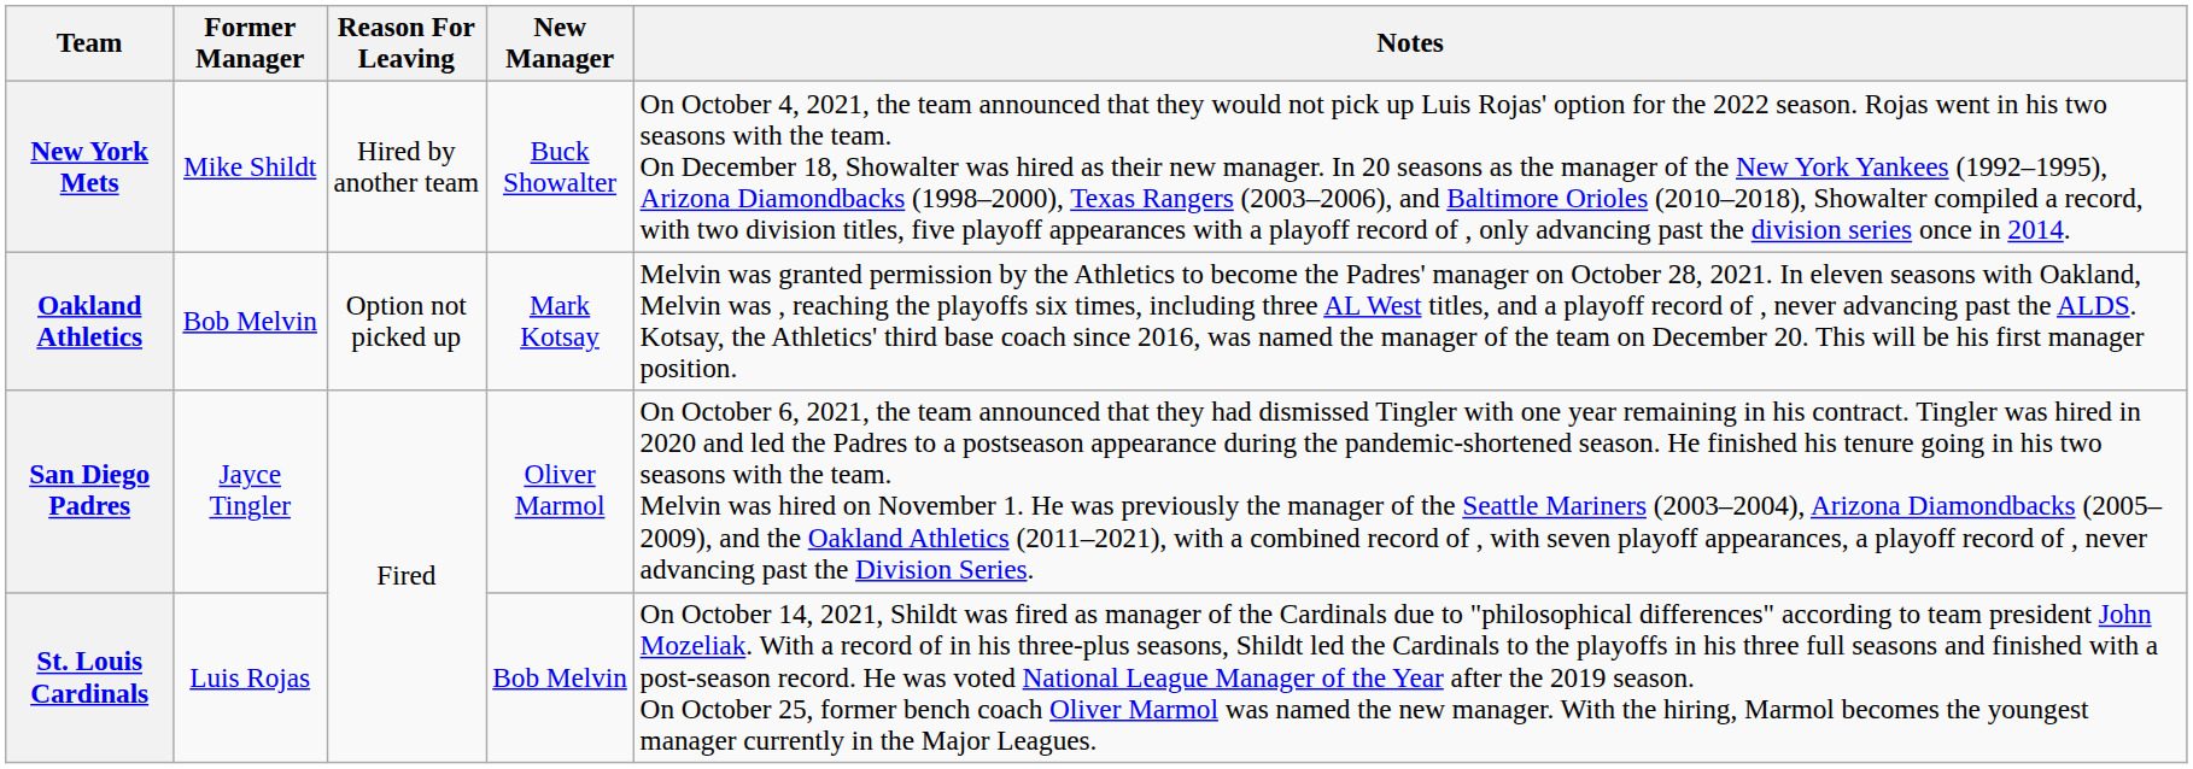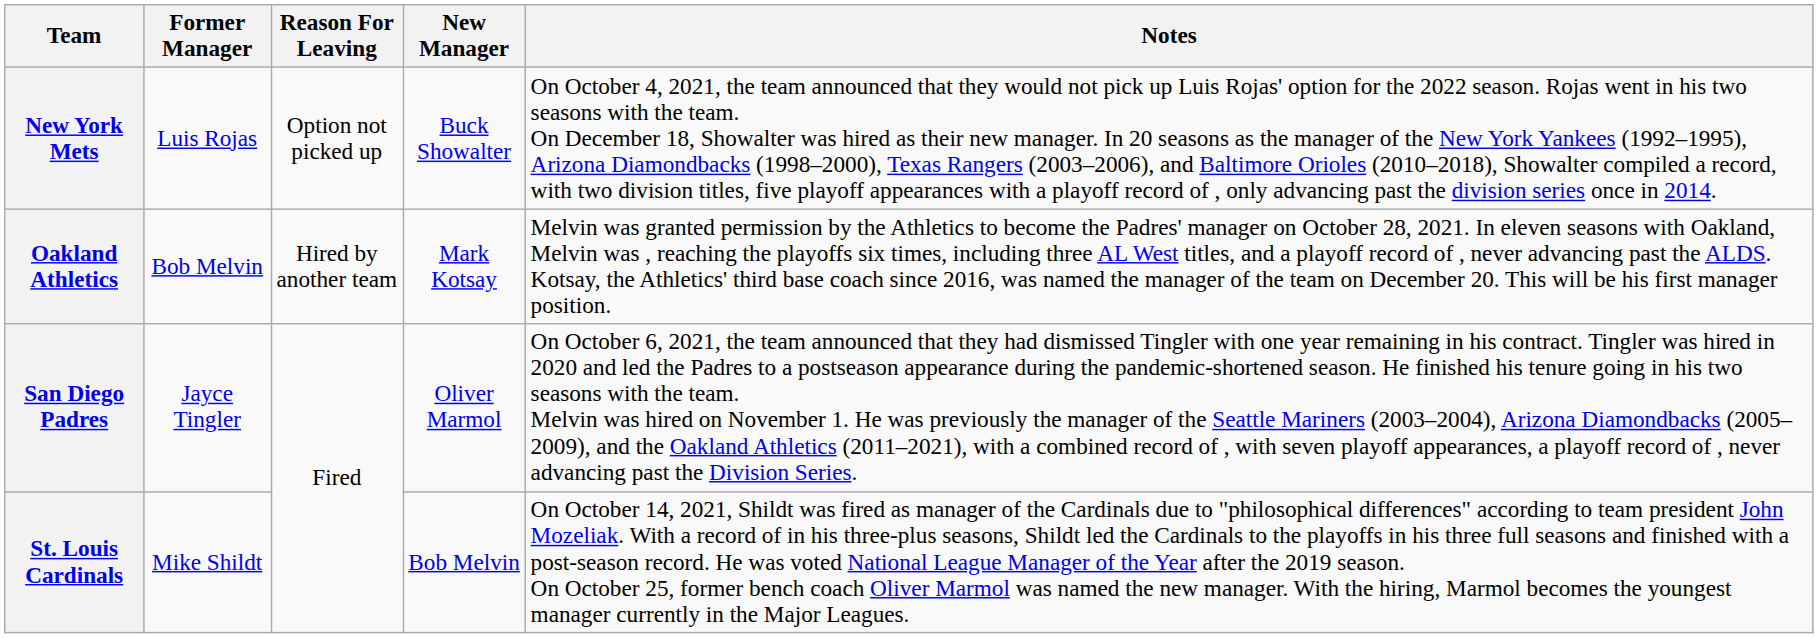 <table class="wikitable plainrowheaders" style="text-align:center;">
 <tr>
 <th scope="col">Team</th>
 <th scope="col">Former Manager</th>
 <th scope="col">Reason For Leaving</th>
 <th scope="col">New Manager</th>
 <th scope="col">Notes</th>
 </tr>
 <tr>
 <th scope="row" style="text-align:center;"><a href='#'>New York Mets</a></th>
-<td><a href='#'>Mike Shildt</a></td>
-<td style="text-align:center;">Hired by another team</td>
+<td><a href='#'>Luis Rojas</a></td>
+<td style="text-align:center;">Option not picked up</td>
 <td><a href='#'>Buck Showalter</a></td>
 <td style="text-align:left;">On October 4, 2021, the team announced that they would not pick up Luis Rojas' option for the 2022 season. Rojas went  in his two seasons with the team.<br>On December 18, Showalter was hired as their new manager. In 20 seasons as the manager of the <a href='#'>New York Yankees</a> (1992–1995), <a href='#'>Arizona Diamondbacks</a> (1998–2000), <a href='#'>Texas Rangers</a> (2003–2006), and <a href='#'>Baltimore Orioles</a> (2010–2018), Showalter compiled a  record, with two division titles, five playoff appearances with a playoff record of , only advancing past the <a href='#'>division series</a> once in <a href='#'>2014</a>.</td>
 </tr>
 <tr>
 <th scope="row" style="text-align:center;"><a href='#'>Oakland Athletics</a></th>
 <td><a href='#'>Bob Melvin</a></td>
-<td style="text-align:center;">Option not picked up</td>
+<td style="text-align:center;">Hired by another team</td>
 <td><a href='#'>Mark Kotsay</a></td>
 <td style="text-align:left;">Melvin was granted permission by the Athletics to become the Padres' manager on October 28, 2021. In eleven seasons with Oakland, Melvin was , reaching the playoffs six times, including three <a href='#'>AL West</a> titles, and a playoff record of , never advancing past the <a href='#'>ALDS</a>.<br>Kotsay, the Athletics' third base coach since 2016, was named the manager of the team on December 20. This will be his first manager position.</td>
 </tr>
 <tr>
 <th scope="row" style="text-align:center;"><a href='#'>San Diego Padres</a></th>
 <td><a href='#'>Jayce Tingler</a></td>
 <td rowspan="2" style="text-align:center;">Fired</td>
 <td><a href='#'>Oliver Marmol</a></td>
 <td style="text-align:left;">On October 6, 2021, the team announced that they had dismissed Tingler with one year remaining in his contract. Tingler was hired in 2020 and led the Padres to a postseason appearance during the pandemic-shortened season. He finished his tenure going  in his two seasons with the team.<br>Melvin was hired on November 1. He was previously the manager of the <a href='#'>Seattle Mariners</a> (2003–2004), <a href='#'>Arizona Diamondbacks</a> (2005–2009), and the <a href='#'>Oakland Athletics</a> (2011–2021), with a combined record of , with seven playoff appearances, a playoff record of , never advancing past the <a href='#'>Division Series</a>.</td>
 </tr>
 <tr>
 <th scope="row" style="text-align:center;"><a href='#'>St. Louis Cardinals</a></th>
-<td><a href='#'>Luis Rojas</a></td>
+<td><a href='#'>Mike Shildt</a></td>
 <td><a href='#'>Bob Melvin</a></td>
 <td style="text-align:left;">On October 14, 2021, Shildt was fired as manager of the Cardinals due to "philosophical differences" according to team president <a href='#'>John Mozeliak</a>. With a record of  in his three-plus seasons, Shildt led the Cardinals to the playoffs in his three full seasons and finished with a  post-season record. He was voted <a href='#'>National League Manager of the Year</a> after the 2019 season.<br>On October 25, former bench coach <a href='#'>Oliver Marmol</a> was named the new manager. With the hiring, Marmol becomes the youngest manager currently in the Major Leagues.</td>
 </tr>
 </table>
